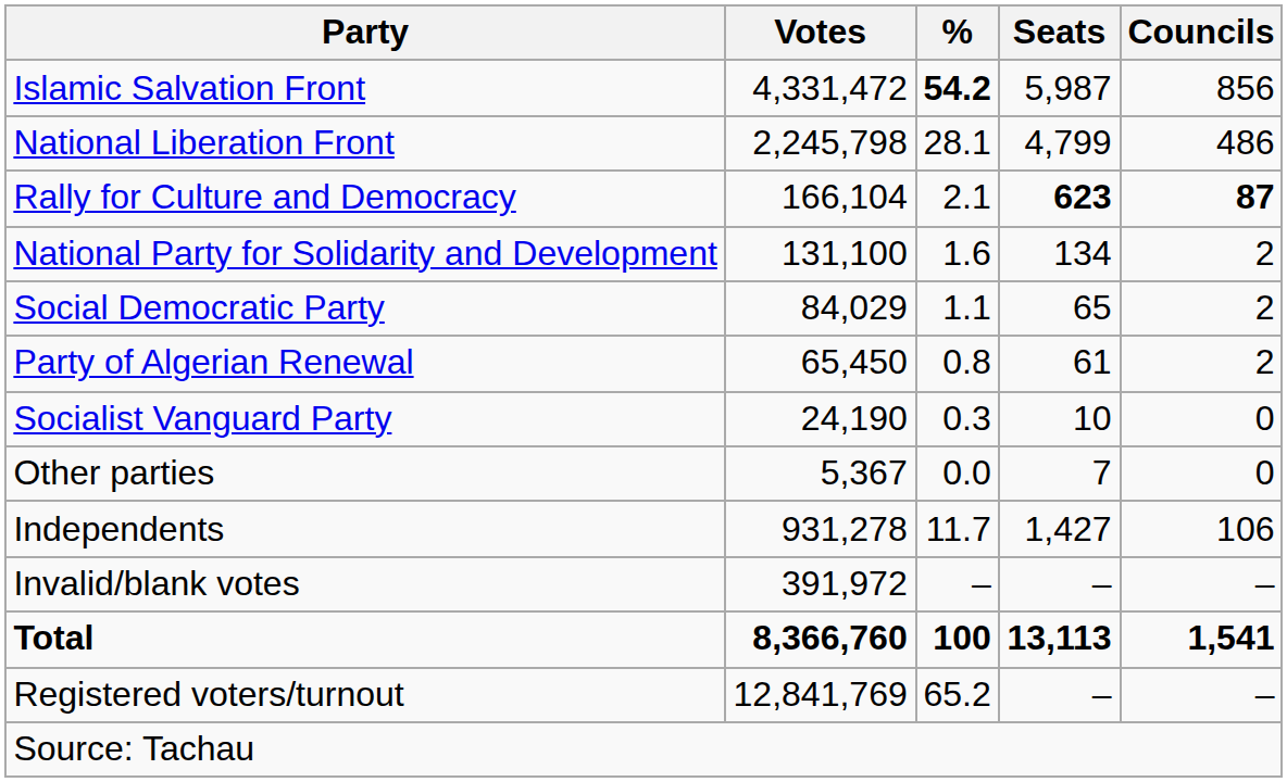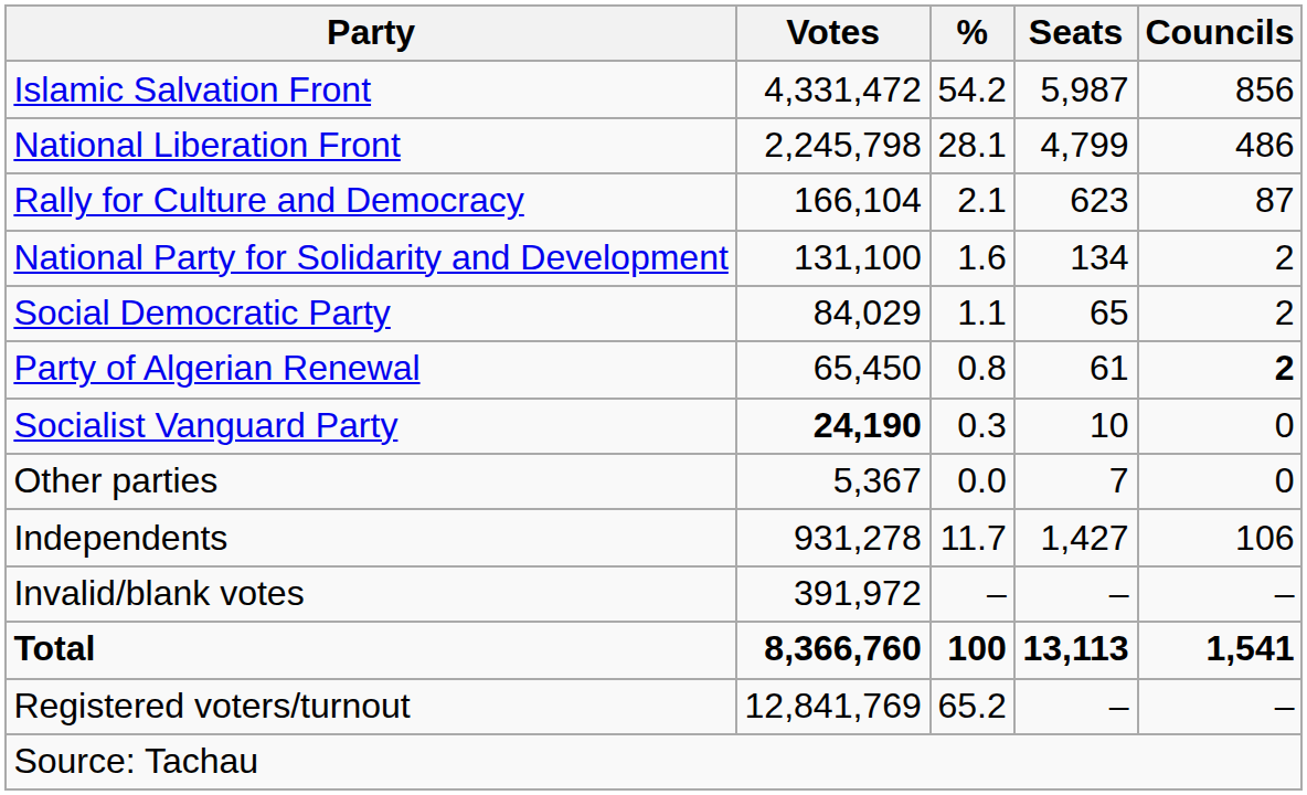 <table class=wikitable style=text-align:right>
 <tr>
 <th>Party</th>
 <th>Votes</th>
 <th>%</th>
 <th>Seats</th>
 <th>Councils</th>
 </tr>
 <tr>
 <td align=left><a href='#'>Islamic Salvation Front</a></td>
 <td>4,331,472</td>
-<td><strong>54.2</strong></td>
+<td>54.2</td>
 <td>5,987</td>
 <td>856</td>
 </tr>
 <tr>
 <td align=left><a href='#'>National Liberation Front</a></td>
 <td>2,245,798</td>
 <td>28.1</td>
 <td>4,799</td>
 <td>486</td>
 </tr>
 <tr>
 <td align=left><a href='#'>Rally for Culture and Democracy</a></td>
 <td>166,104</td>
 <td>2.1</td>
-<td><strong>623</strong></td>
-<td><strong>87</strong></td>
+<td>623</td>
+<td>87</td>
 </tr>
 <tr>
 <td align=left><a href='#'>National Party for Solidarity and Development</a></td>
 <td>131,100</td>
 <td>1.6</td>
 <td>134</td>
 <td>2</td>
 </tr>
 <tr>
 <td align=left><a href='#'>Social Democratic Party</a></td>
 <td>84,029</td>
 <td>1.1</td>
 <td>65</td>
 <td>2</td>
 </tr>
 <tr>
 <td align=left><a href='#'>Party of Algerian Renewal</a></td>
 <td>65,450</td>
 <td>0.8</td>
 <td>61</td>
-<td>2</td>
+<td><strong>2</strong></td>
 </tr>
 <tr>
 <td align=left><a href='#'>Socialist Vanguard Party</a></td>
-<td>24,190</td>
+<td><strong>24,190</strong></td>
 <td>0.3</td>
 <td>10</td>
 <td>0</td>
 </tr>
 <tr>
 <td align=left>Other parties</td>
 <td>5,367</td>
 <td>0.0</td>
 <td>7</td>
 <td>0</td>
 </tr>
 <tr>
 <td align=left>Independents</td>
 <td>931,278</td>
 <td>11.7</td>
 <td>1,427</td>
 <td>106</td>
 </tr>
 <tr>
 <td align=left>Invalid/blank votes</td>
 <td>391,972</td>
 <td>–</td>
 <td>–</td>
 <td>–</td>
 </tr>
 <tr>
 <td align=left><strong>Total</strong></td>
 <td><strong>8,366,760</strong></td>
 <td><strong>100</strong></td>
 <td><strong>13,113</strong></td>
 <td><strong>1,541</strong></td>
 </tr>
 <tr>
 <td align=left>Registered voters/turnout</td>
 <td>12,841,769</td>
 <td>65.2</td>
 <td>–</td>
 <td>–</td>
 </tr>
 <tr>
 <td align=left colspan=6>Source: Tachau</td>
 </tr>
 </table>
